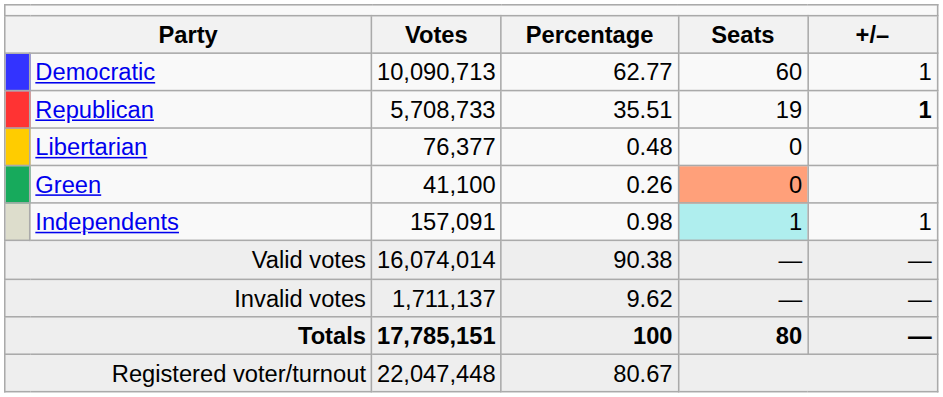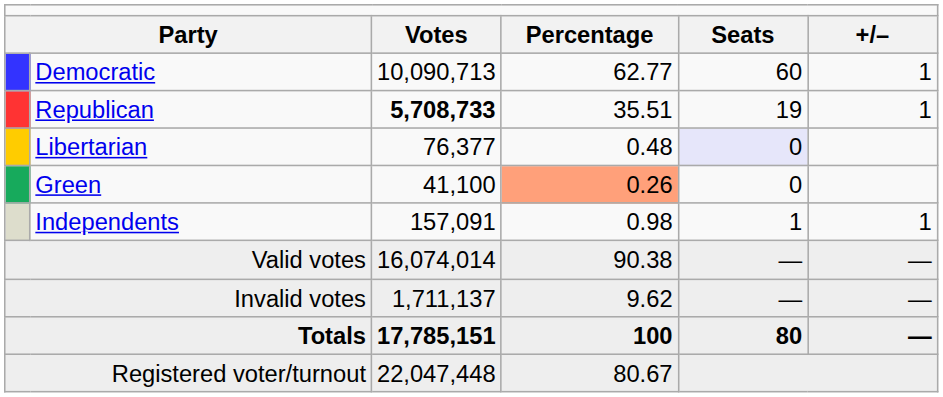 <table class="wikitable" style="font-size: 95%;">
 <tr>
 <td colspan=10 align=center></td>
 </tr>
 <tr>
 <th colspan=2 style="width: 15em">Party</th>
 <th style="width: 5em">Votes</th>
 <th style="width: 7em">Percentage</th>
 <th style="width: 5em">Seats</th>
 <th style="width: 5em">+/–</th>
 </tr>
 <tr>
 <th style="background-color:#33F; width: 3px"></th>
 <td style="width: 130px"><a href='#'>Democratic</a></td>
 <td align="right">10,090,713</td>
 <td align="right">62.77</td>
 <td align="right">60</td>
 <td align="right"> 1</td>
 </tr>
 <tr>
 <th style="background-color:#F33; width: 3px"></th>
 <td style="width: 130px"><a href='#'>Republican</a></td>
-<td align="right">5,708,733</td>
+<td align="right"><strong>5,708,733</strong></td>
 <td align="right">35.51</td>
 <td align="right">19</td>
-<td align="right"><strong> 1</strong></td>
+<td align="right"> 1</td>
 </tr>
 <tr>
 <th style="background-color:#FC0; width: 3px"></th>
 <td style="width: 130px"><a href='#'>Libertarian</a></td>
 <td align="right">76,377</td>
 <td align="right">0.48</td>
-<td align="right">0</td>
+<td align="right" style="background: lavender;">0</td>
 <td align="right"></td>
 </tr>
 <tr>
 <th style="background-color:#17AA5C ; width: 3px"></th>
 <td style="width: 130px"><a href='#'>Green</a></td>
 <td align="right">41,100</td>
-<td align="right">0.26</td>
-<td align="right" style="background: lightsalmon;">0</td>
+<td align="right" style="background: lightsalmon;">0.26</td>
+<td align="right">0</td>
 <td align="right"></td>
 </tr>
 <tr>
 <th style="background-color:#DDDDCC; width: 3px"></th>
 <td style="width: 130px"><a href='#'>Independents</a></td>
 <td align="right">157,091</td>
 <td align="right">0.98</td>
-<td align="right" style="background: paleturquoise;">1</td>
+<td align="right">1</td>
 <td align="right"> 1</td>
 </tr>
 <tr bgcolor="#EEEEEE">
 <td colspan="2" align="right">Valid votes</td>
 <td align="right">16,074,014</td>
 <td align="right">90.38</td>
 <td align="right">—</td>
 <td align="right">—</td>
 </tr>
 <tr bgcolor="#EEEEEE">
 <td colspan="2" align="right">Invalid votes</td>
 <td align="right">1,711,137</td>
 <td align="right">9.62</td>
 <td align="right">—</td>
 <td align="right">—</td>
 </tr>
 <tr bgcolor="#EEEEEE">
 <td colspan="2" align="right"><strong>Totals</strong></td>
 <td align="right"><strong>17,785,151</strong></td>
 <td align="right"><strong>100</strong></td>
 <td align="right"><strong>80</strong></td>
 <td align="right"><strong>—</strong></td>
 </tr>
 <tr bgcolor="#EEEEEE">
 <td colspan="2" align="right">Registered voter/turnout</td>
 <td align="right">22,047,448</td>
 <td align="right">80.67</td>
 <td colspan="2" align="right"></td>
 </tr>
 </table>
